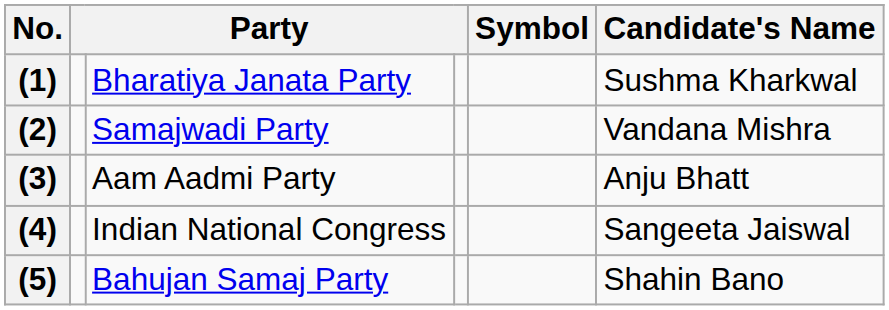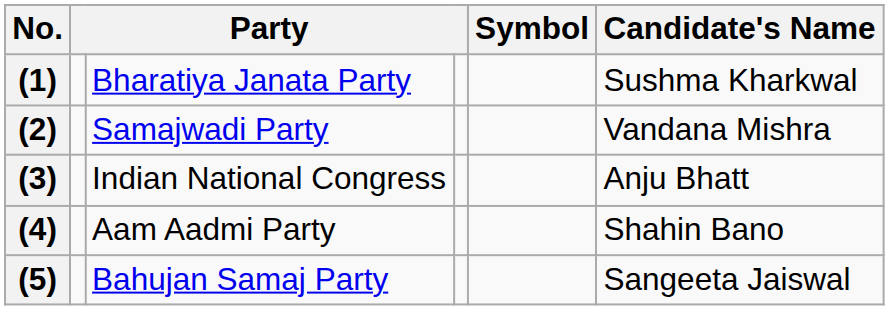 <table class="wikitable sortable">
 <tr>
 <th>No.</th>
 <th colspan="3">Party</th>
 <th>Symbol</th>
 <th>Candidate's Name</th>
 </tr>
 <tr>
 <th>(1)</th>
 <td style="background:"></td>
 <td><a href='#'>Bharatiya Janata Party</a></td>
 <td></td>
 <td></td>
 <td>Sushma Kharkwal</td>
 </tr>
 <tr>
 <th>(2)</th>
 <td style="background:"></td>
 <td><a href='#'>Samajwadi Party</a></td>
 <td></td>
 <td></td>
 <td>Vandana Mishra</td>
 </tr>
 <tr>
 <th>(3)</th>
 <td style="background:"></td>
-<td>Aam Aadmi Party</td>
+<td>Indian National Congress</td>
 <td></td>
 <td></td>
 <td>Anju Bhatt</td>
 </tr>
 <tr>
 <th>(4)</th>
 <td style="background:"></td>
-<td>Indian National Congress</td>
+<td>Aam Aadmi Party</td>
 <td></td>
 <td></td>
-<td>Sangeeta Jaiswal</td>
+<td>Shahin Bano</td>
 </tr>
 <tr>
 <th>(5)</th>
 <td style="background:"></td>
 <td><a href='#'>Bahujan Samaj Party</a></td>
 <td></td>
 <td></td>
-<td>Shahin Bano</td>
+<td>Sangeeta Jaiswal</td>
 </tr>
 </table>
